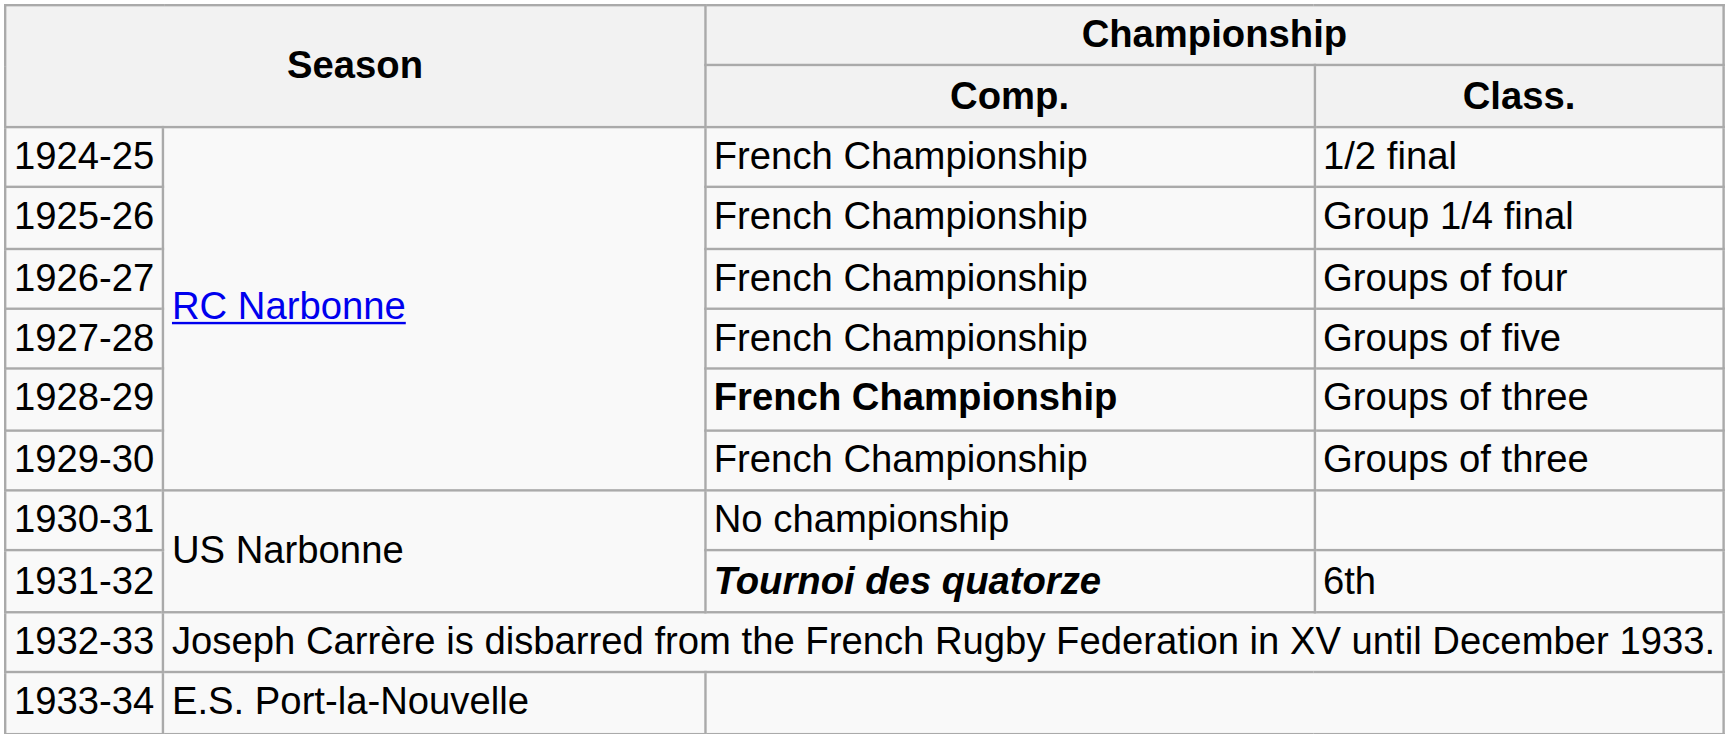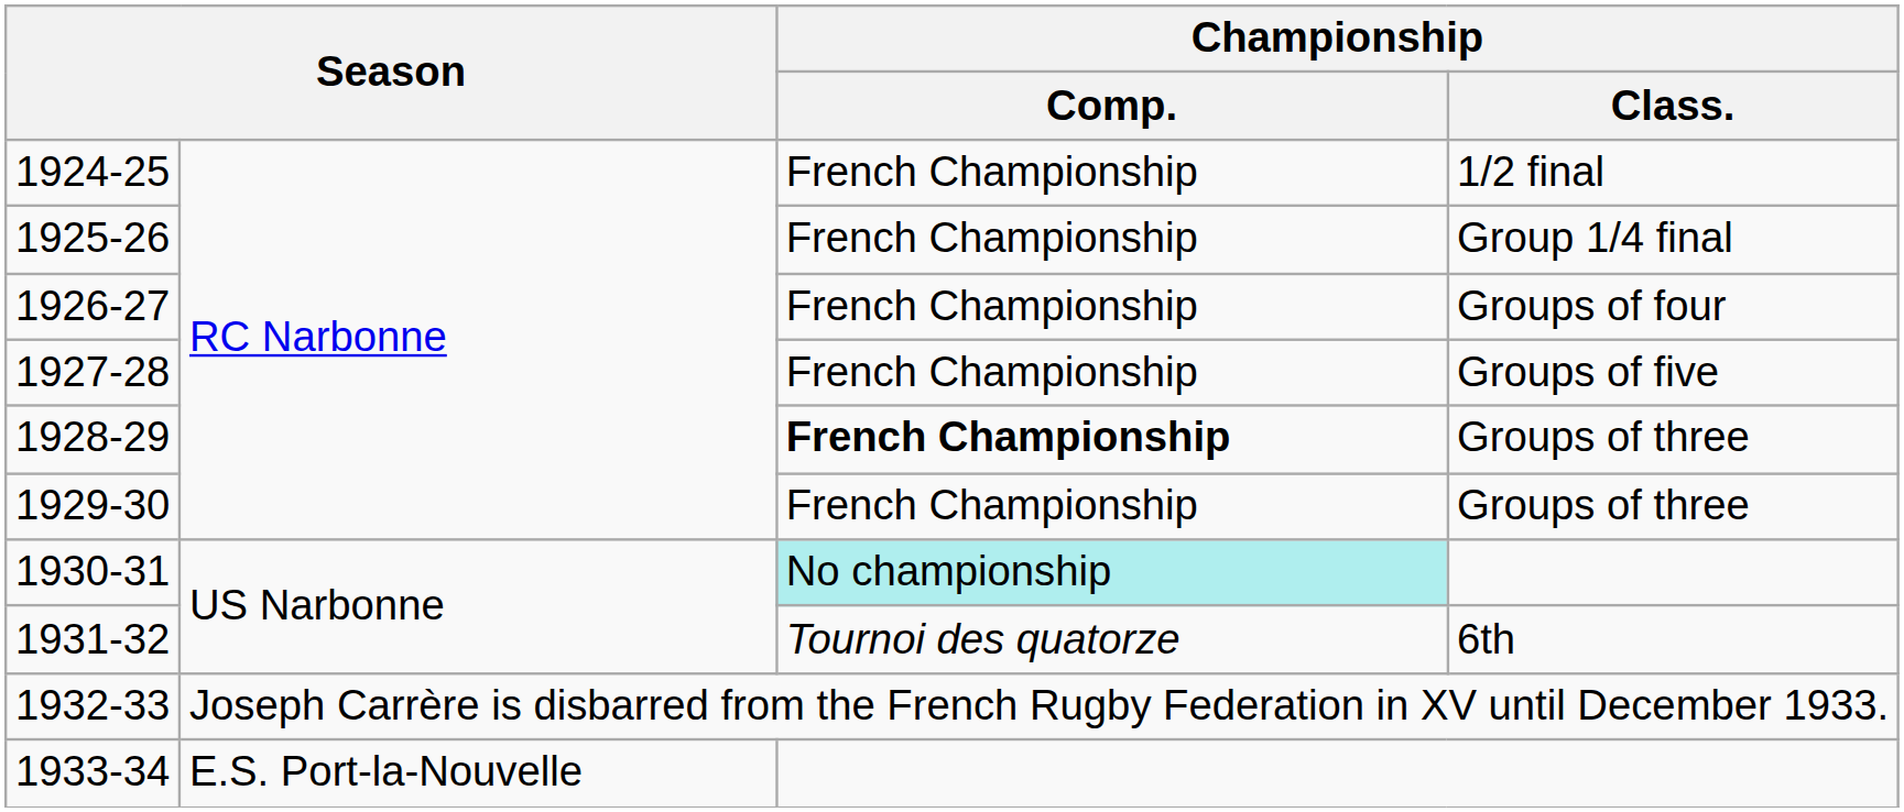 <table class="wikitable">
 <tr>
 <th colspan="2" rowspan="2">Season</th>
 <th colspan="2">Championship</th>
 </tr>
 <tr>
 <th><abbr>Comp.</abbr></th>
 <th><abbr>Class.</abbr></th>
 </tr>
 <tr>
 <td>1924-25</td>
 <td rowspan="6"><a href='#'>RC Narbonne</a></td>
 <td>French Championship</td>
 <td>1/2 final</td>
 </tr>
 <tr>
 <td>1925-26</td>
 <td>French Championship</td>
 <td>Group 1/4 final</td>
 </tr>
 <tr>
 <td>1926-27</td>
 <td>French Championship</td>
 <td>Groups of four</td>
 </tr>
 <tr>
 <td>1927-28</td>
 <td>French Championship</td>
 <td>Groups of five</td>
 </tr>
 <tr>
 <td>1928-29</td>
 <td><strong>French Championship</strong></td>
 <td>Groups of three</td>
 </tr>
 <tr>
 <td>1929-30</td>
 <td>French Championship</td>
 <td>Groups of three</td>
 </tr>
 <tr>
 <td>1930-31</td>
 <td rowspan="2">US Narbonne</td>
-<td>No championship</td>
+<td style="background: paleturquoise;">No championship</td>
 <td></td>
 </tr>
 <tr>
 <td>1931-32</td>
-<td><strong><em>Tournoi des quatorze</em></strong></td>
+<td><em>Tournoi des quatorze</em></td>
 <td><abbr>6th</abbr></td>
 </tr>
 <tr>
 <td>1932-33</td>
 <td colspan="3">Joseph Carrère is disbarred from the French Rugby Federation in XV until December 1933.</td>
 </tr>
 <tr>
 <td>1933-34</td>
 <td>E.S. Port-la-Nouvelle</td>
 <td colspan="2"></td>
 </tr>
 </table>
